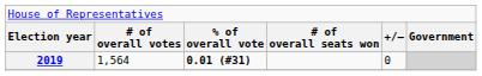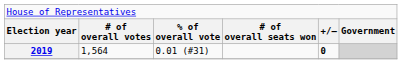 <table class=wikitable>
 <tr>
 <td colspan=6><a href='#'>House of Representatives</a></td>
 </tr>
 <tr>
 <th>Election year</th>
 <th># of<br>overall votes</th>
 <th>% of<br>overall vote</th>
 <th># of<br>overall seats won</th>
 <th>+/–</th>
 <th>Government</th>
 </tr>
 <tr>
 <th><a href='#'>2019</a></th>
 <td>1,564</td>
-<td><strong>0.01 (#31)</strong></td>
+<td>0.01 (#31)</td>
 <td></td>
-<td> 0</td>
+<td><strong> 0</strong></td>
 <td bgcolor=lightgrey></td>
 </tr>
 <tr>
 </tr>
 </table>
